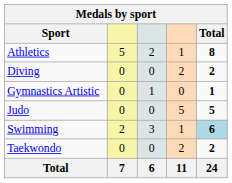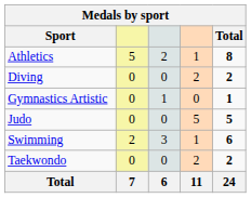 <table class="wikitable" style="font-size:90%; text-align:center;">
 <tr>
 <th colspan=5>Medals by sport</th>
 </tr>
 <tr>
 <th width=120>Sport</th>
 <th scope="col" width=30 style="background:#F7F6A8;"></th>
 <th scope="col" width=30 style="background:#DCE5E5;"></th>
 <th scope="col" width=30 style="background:#FFDAB9;"></th>
 <th width=30>Total</th>
 </tr>
 <tr>
 <td align=left><a href='#'>Athletics</a></td>
 <td style="background:#F7F6A8;">5</td>
 <td style="background:#DCE5E5;">2</td>
 <td style="background:#FFDAB9;">1</td>
 <td><strong>8</strong></td>
 </tr>
 <tr>
 <td align=left><a href='#'>Diving</a></td>
 <td style="background:#F7F6A8;">0</td>
 <td style="background:#DCE5E5;">0</td>
 <td style="background:#FFDAB9;">2</td>
 <td><strong>2</strong></td>
 </tr>
 <tr>
 <td align=left><a href='#'>Gymnastics Artistic</a></td>
 <td style="background:#F7F6A8;">0</td>
 <td style="background:#DCE5E5;">1</td>
 <td style="background:#FFDAB9;">0</td>
 <td><strong>1</strong></td>
 </tr>
 <tr>
 <td align=left><a href='#'>Judo</a></td>
 <td style="background:#F7F6A8;">0</td>
 <td style="background:#DCE5E5;">0</td>
 <td style="background:#FFDAB9;">5</td>
 <td><strong>5</strong></td>
 </tr>
 <tr>
 <td align=left><a href='#'>Swimming</a></td>
 <td style="background:#F7F6A8;">2</td>
 <td style="background:#DCE5E5;">3</td>
 <td style="background:#FFDAB9;">1</td>
-<td style="background: lightblue;"><strong>6</strong></td>
+<td><strong>6</strong></td>
 </tr>
 <tr>
 <td align=left><a href='#'>Taekwondo</a></td>
 <td style="background:#F7F6A8;">0</td>
 <td style="background:#DCE5E5;">0</td>
 <td style="background:#FFDAB9;">2</td>
 <td><strong>2</strong></td>
 </tr>
 <tr class="sortbottom">
 <th>Total</th>
 <th>7</th>
 <th>6</th>
 <th>11</th>
 <th>24</th>
 </tr>
 </table>
